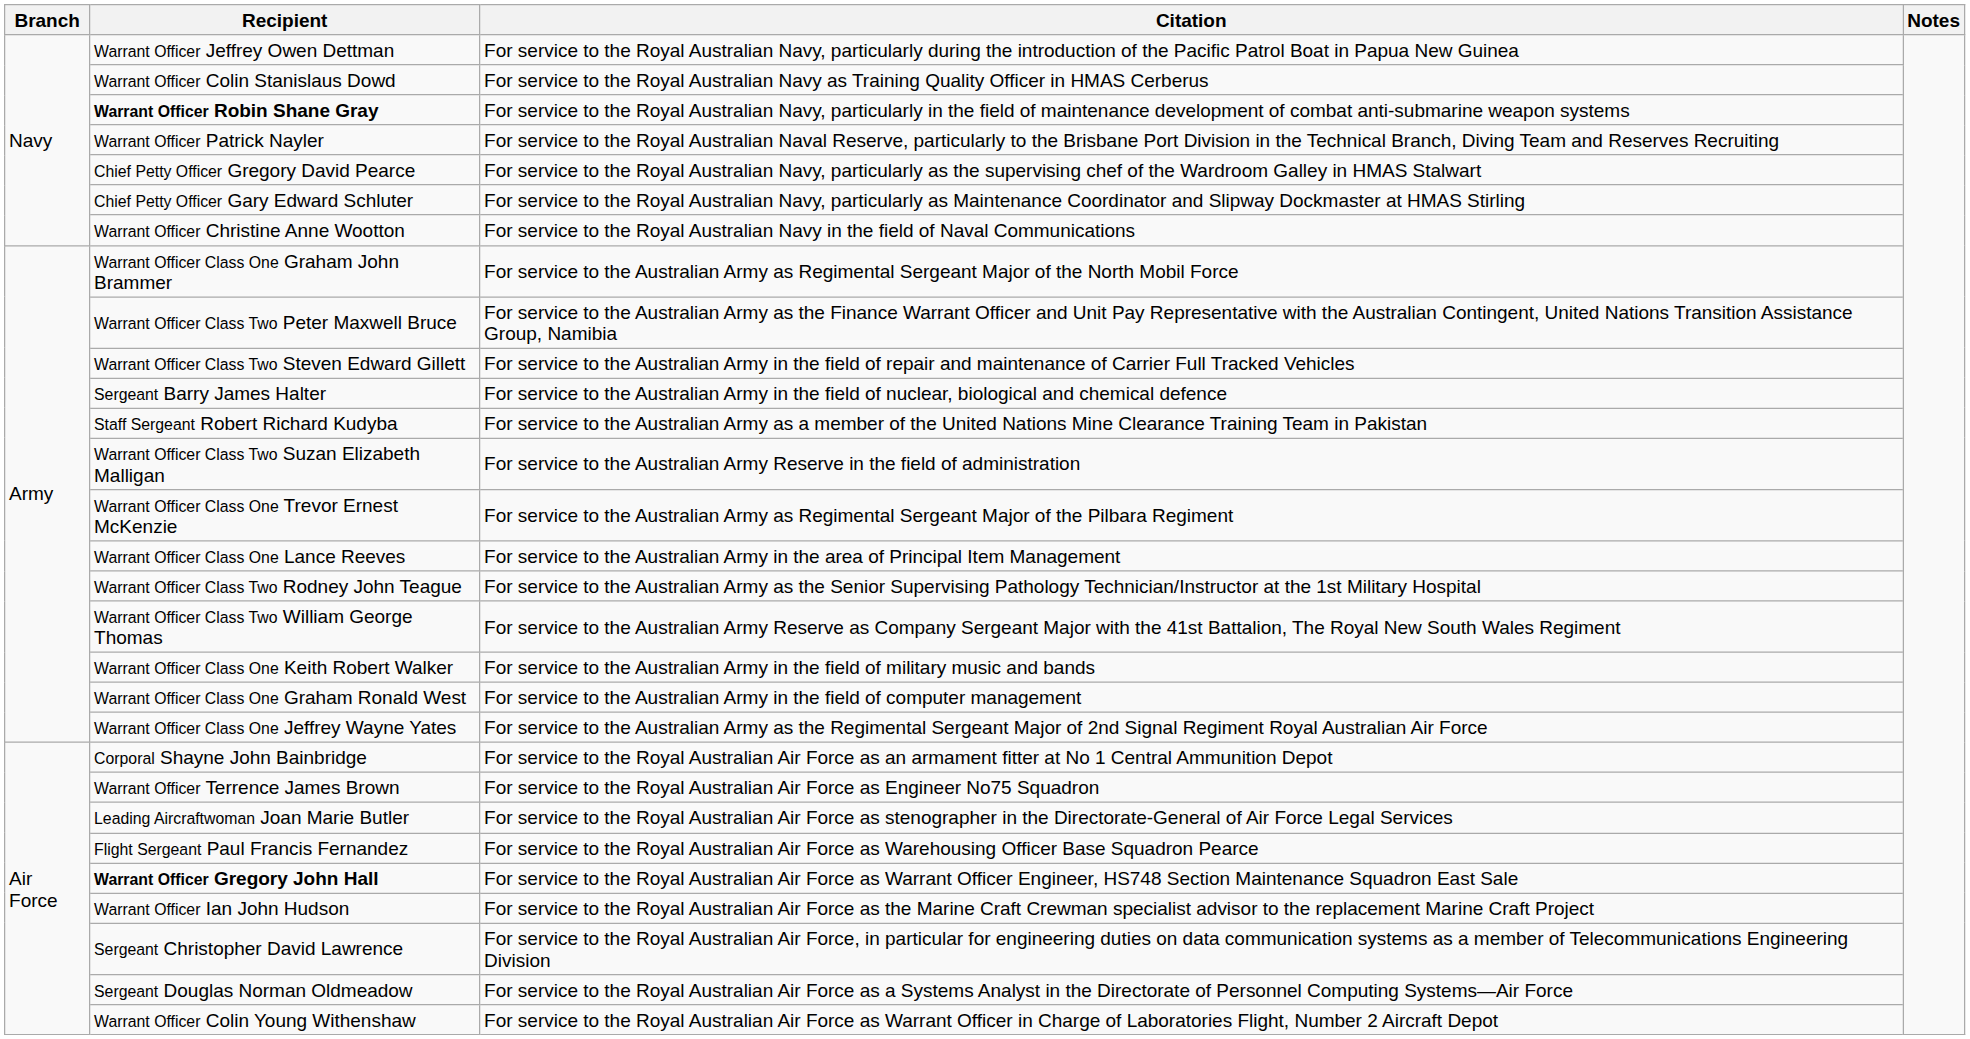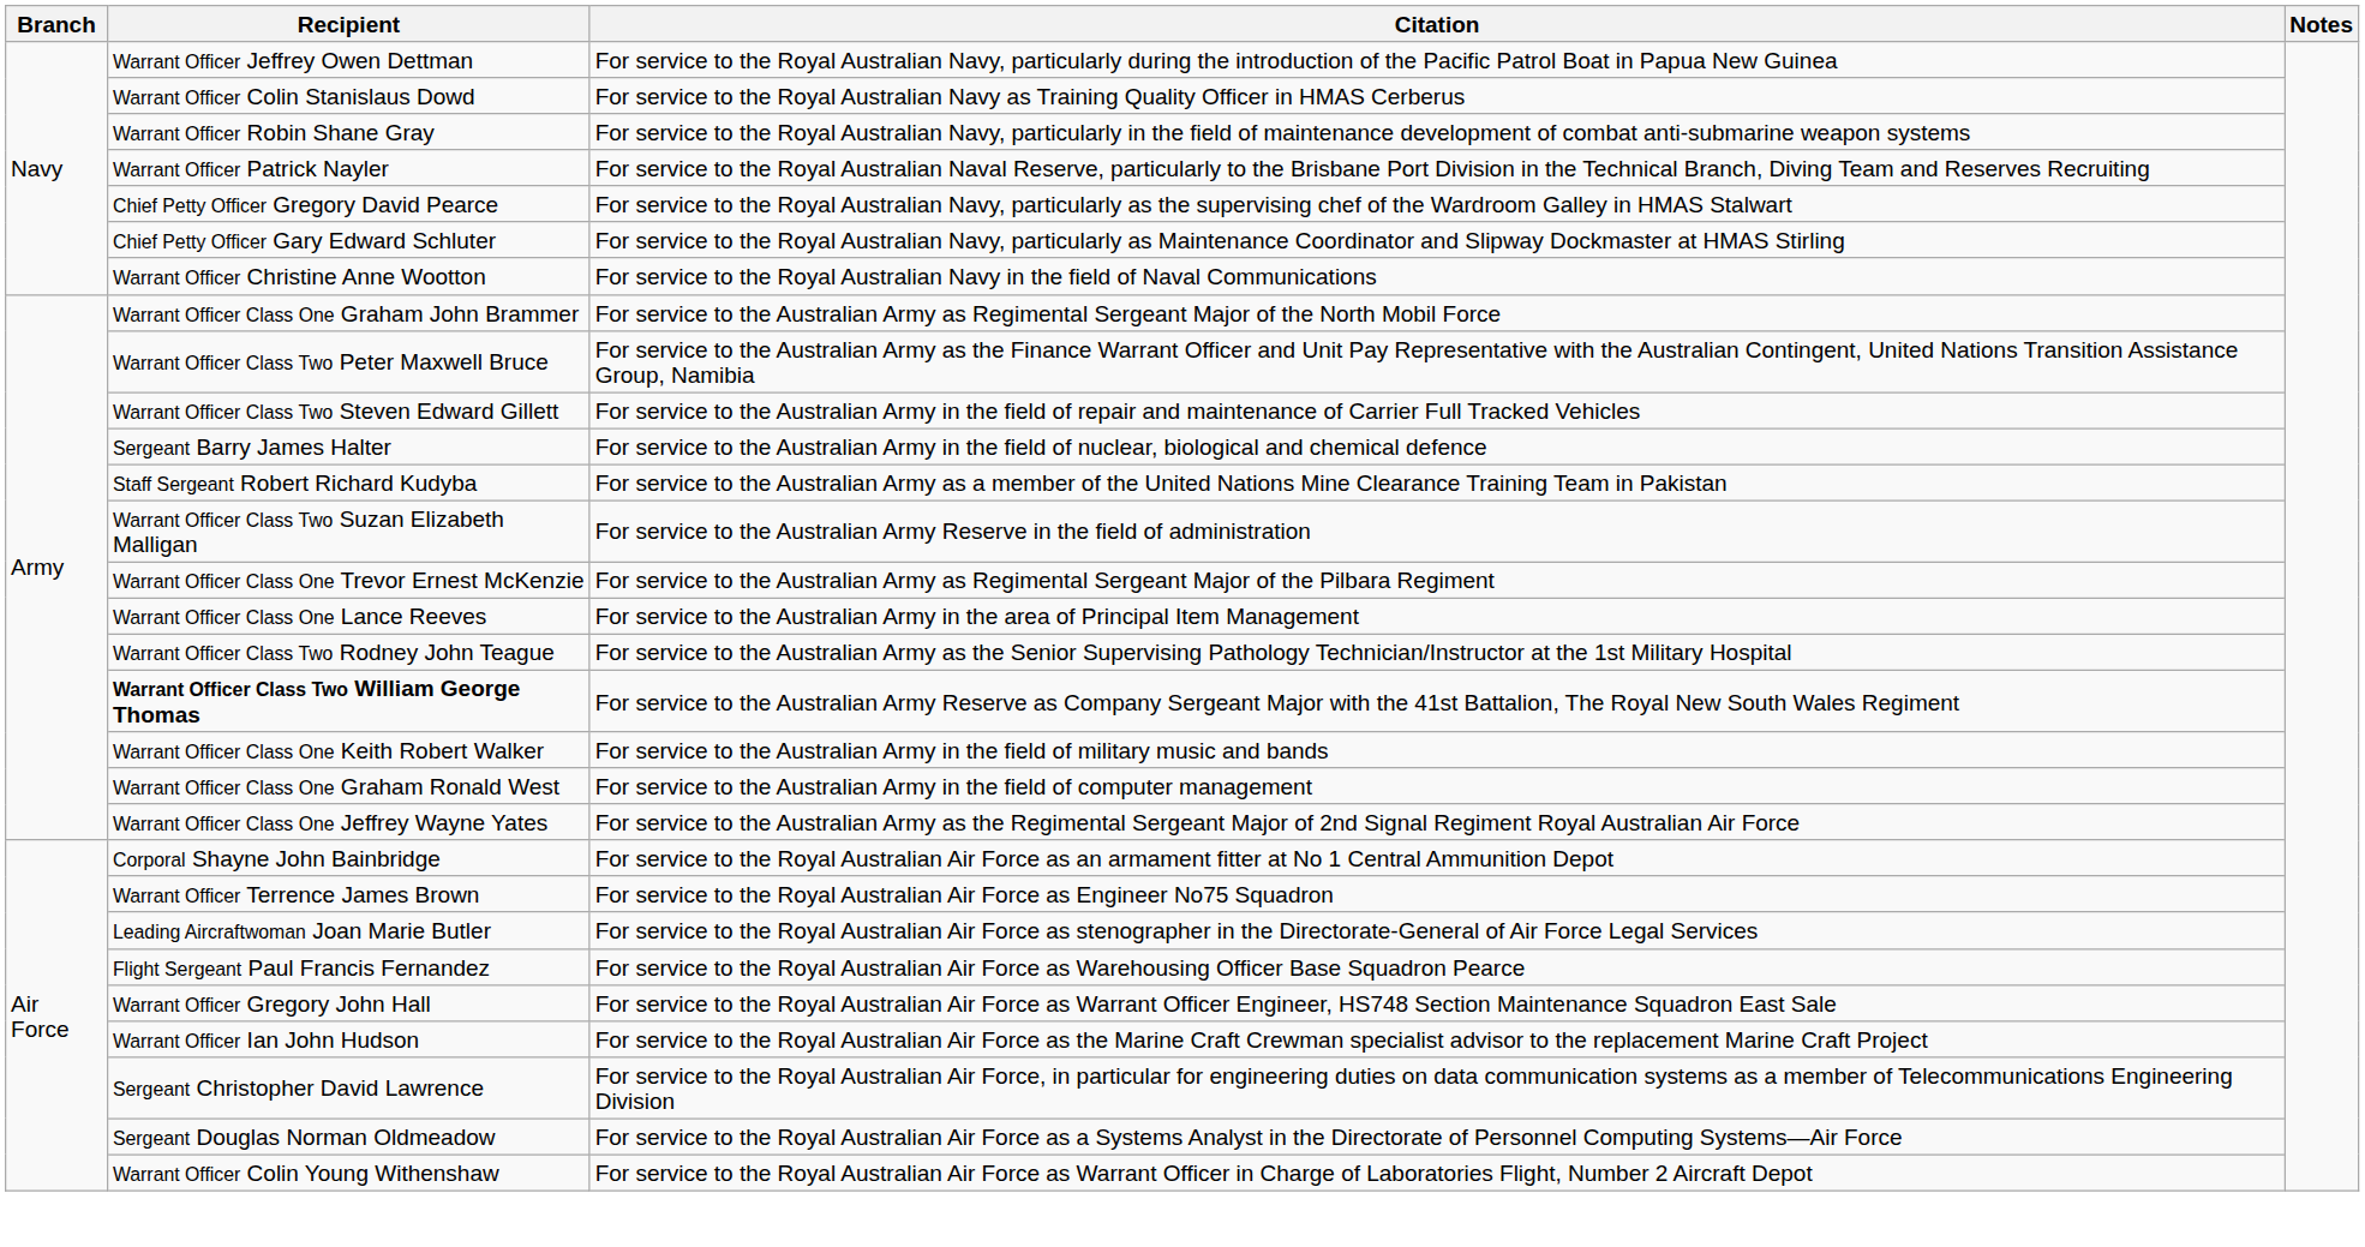 <table class="wikitable" style="font-size:95%;">
 <tr>
 <th>Branch</th>
 <th>Recipient</th>
 <th>Citation</th>
 <th>Notes</th>
 </tr>
 <tr>
 <td rowspan="7">Navy</td>
 <td><small>Warrant Officer</small> Jeffrey Owen Dettman</td>
 <td>For service to the Royal Australian Navy, particularly during the introduction of the Pacific Patrol Boat in Papua New Guinea</td>
 <td rowspan="29"></td>
 </tr>
 <tr>
 <td><small>Warrant Officer</small> Colin Stanislaus Dowd</td>
 <td>For service to the Royal Australian Navy as Training Quality Officer in HMAS Cerberus</td>
 </tr>
 <tr>
-<td><strong><small>Warrant Officer</small> Robin Shane Gray</strong></td>
+<td><small>Warrant Officer</small> Robin Shane Gray</td>
 <td>For service to the Royal Australian Navy, particularly in the field of maintenance development of combat anti-submarine weapon systems</td>
 </tr>
 <tr>
 <td><small>Warrant Officer</small> Patrick Nayler</td>
 <td>For service to the Royal Australian Naval Reserve, particularly to the Brisbane Port Division in the Technical Branch, Diving Team and Reserves Recruiting</td>
 </tr>
 <tr>
 <td><small>Chief Petty Officer</small> Gregory David Pearce</td>
 <td>For service to the Royal Australian Navy, particularly as the supervising chef of the Wardroom Galley in HMAS Stalwart</td>
 </tr>
 <tr>
 <td><small>Chief Petty Officer</small> Gary Edward Schluter</td>
 <td>For service to the Royal Australian Navy, particularly as Maintenance Coordinator and Slipway Dockmaster at HMAS Stirling</td>
 </tr>
 <tr>
 <td><small>Warrant Officer</small> Christine Anne Wootton</td>
 <td>For service to the Royal Australian Navy in the field of Naval Communications</td>
 </tr>
 <tr>
 <td rowspan="13">Army</td>
 <td><small>Warrant Officer Class One</small> Graham John Brammer</td>
 <td>For service to the Australian Army as Regimental Sergeant Major of the North Mobil Force</td>
 </tr>
 <tr>
 <td><small>Warrant Officer Class Two</small> Peter Maxwell Bruce</td>
 <td>For service to the Australian Army as the Finance Warrant Officer and Unit Pay Representative with the Australian Contingent, United Nations Transition Assistance Group, Namibia</td>
 </tr>
 <tr>
 <td><small>Warrant Officer Class Two</small> Steven Edward Gillett</td>
 <td>For service to the Australian Army in the field of repair and maintenance of Carrier Full Tracked Vehicles</td>
 </tr>
 <tr>
 <td><small>Sergeant</small> Barry James Halter</td>
 <td>For service to the Australian Army in the field of nuclear, biological and chemical defence</td>
 </tr>
 <tr>
 <td><small>Staff Sergeant</small> Robert Richard Kudyba</td>
 <td>For service to the Australian Army as a member of the United Nations Mine Clearance Training Team in Pakistan</td>
 </tr>
 <tr>
 <td><small>Warrant Officer Class Two</small> Suzan Elizabeth Malligan</td>
 <td>For service to the Australian Army Reserve in the field of administration</td>
 </tr>
 <tr>
 <td><small>Warrant Officer Class One</small> Trevor Ernest McKenzie</td>
 <td>For service to the Australian Army as Regimental Sergeant Major of the Pilbara Regiment</td>
 </tr>
 <tr>
 <td><small>Warrant Officer Class One</small> Lance Reeves</td>
 <td>For service to the Australian Army in the area of Principal Item Management</td>
 </tr>
 <tr>
 <td><small>Warrant Officer Class Two</small> Rodney John Teague</td>
 <td>For service to the Australian Army as the Senior Supervising Pathology Technician/Instructor at the 1st Military Hospital</td>
 </tr>
 <tr>
-<td><small>Warrant Officer Class Two</small> William George Thomas</td>
+<td><strong><small>Warrant Officer Class Two</small> William George Thomas</strong></td>
 <td>For service to the Australian Army Reserve as Company Sergeant Major with the 41st Battalion, The Royal New South Wales Regiment</td>
 </tr>
 <tr>
 <td><small>Warrant Officer Class One</small> Keith Robert Walker</td>
 <td>For service to the Australian Army in the field of military music and bands</td>
 </tr>
 <tr>
 <td><small>Warrant Officer Class One</small> Graham Ronald West</td>
 <td>For service to the Australian Army in the field of computer management</td>
 </tr>
 <tr>
 <td><small>Warrant Officer Class One</small> Jeffrey Wayne Yates</td>
 <td>For service to the Australian Army as the Regimental Sergeant Major of 2nd Signal Regiment Royal Australian Air Force</td>
 </tr>
 <tr>
 <td rowspan="9">Air Force</td>
 <td><small>Corporal</small> Shayne John Bainbridge</td>
 <td>For service to the Royal Australian Air Force as an armament fitter at No 1 Central Ammunition Depot</td>
 </tr>
 <tr>
 <td><small>Warrant Officer</small> Terrence James Brown</td>
 <td>For service to the Royal Australian Air Force as Engineer No75 Squadron</td>
 </tr>
 <tr>
 <td><small>Leading Aircraftwoman</small> Joan Marie Butler</td>
 <td>For service to the Royal Australian Air Force as stenographer in the Directorate-General of Air Force Legal Services</td>
 </tr>
 <tr>
 <td><small>Flight Sergeant</small> Paul Francis Fernandez</td>
 <td>For service to the Royal Australian Air Force as Warehousing Officer Base Squadron Pearce</td>
 </tr>
 <tr>
-<td><strong><small>Warrant Officer</small> Gregory John Hall</strong></td>
+<td><small>Warrant Officer</small> Gregory John Hall</td>
 <td>For service to the Royal Australian Air Force as Warrant Officer Engineer, HS748 Section Maintenance Squadron East Sale</td>
 </tr>
 <tr>
 <td><small>Warrant Officer</small> Ian John Hudson</td>
 <td>For service to the Royal Australian Air Force as the Marine Craft Crewman specialist advisor to the replacement Marine Craft Project</td>
 </tr>
 <tr>
 <td><small>Sergeant</small> Christopher David Lawrence</td>
 <td>For service to the Royal Australian Air Force, in particular for engineering duties on data communication systems as a member of Telecommunications Engineering Division</td>
 </tr>
 <tr>
 <td><small>Sergeant</small> Douglas Norman Oldmeadow</td>
 <td>For service to the Royal Australian Air Force as a Systems Analyst in the Directorate of Personnel Computing Systems—Air Force</td>
 </tr>
 <tr>
 <td><small>Warrant Officer</small> Colin Young Withenshaw</td>
 <td>For service to the Royal Australian Air Force as Warrant Officer in Charge of Laboratories Flight, Number 2 Aircraft Depot</td>
 </tr>
 </table>
